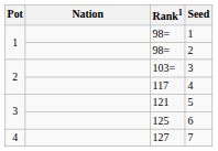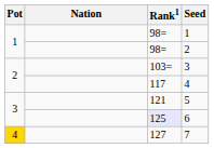 <table class="wikitable">
 <tr>
 <th>Pot</th>
 <th width="175">Nation</th>
 <th>Rank<sup>1</sup></th>
 <th>Seed</th>
 </tr>
 <tr>
 <td rowspan=2 style="text-align:center;">1</td>
 <td></td>
 <td>98=</td>
 <td>1</td>
 </tr>
 <tr>
 <td></td>
 <td>98=</td>
 <td>2</td>
 </tr>
 <tr>
 <td rowspan=2 style="text-align:center;">2</td>
 <td></td>
 <td>103=</td>
 <td>3</td>
 </tr>
 <tr>
 <td></td>
 <td>117</td>
 <td>4</td>
 </tr>
 <tr>
 <td rowspan=2 style="text-align:center;">3</td>
 <td></td>
 <td>121</td>
 <td>5</td>
 </tr>
 <tr>
 <td></td>
-<td>125</td>
+<td style="background: lavender;">125</td>
 <td>6</td>
 </tr>
 <tr>
-<td style="text-align:center;">4</td>
+<td style="background: gold; text-align:center;">4</td>
 <td></td>
 <td>127</td>
 <td>7</td>
 </tr>
 </table>
